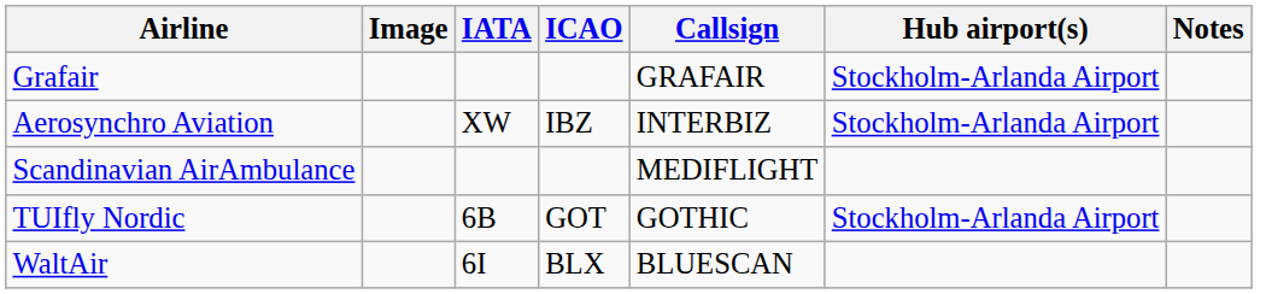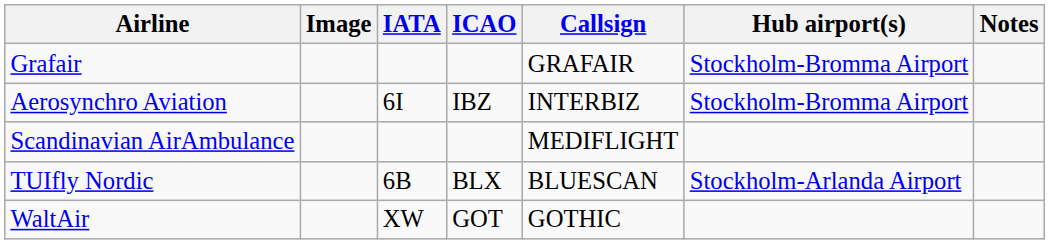 <table class="wikitable sortable" style="border: 0; cellpadding: 2; cellspacing: 3;">
 <tr valign="middle">
 <th colspan="2">Airline</th>
 <th>Image</th>
 <th><a href='#'>IATA</a></th>
 <th><a href='#'>ICAO</a></th>
 <th><a href='#'>Callsign</a></th>
 <th>Hub airport(s)</th>
 <th class="unsortable">Notes</th>
 </tr>
 <tr>
 <td colspan="2"><a href='#'>Grafair</a></td>
 <td></td>
 <td></td>
 <td></td>
 <td>GRAFAIR</td>
-<td><a href='#'>Stockholm-Arlanda Airport</a></td>
+<td><a href='#'>Stockholm-Bromma Airport</a></td>
 <td></td>
 </tr>
 <tr>
 <td colspan="2"><a href='#'>Aerosynchro Aviation</a></td>
 <td></td>
-<td>XW</td>
+<td>6I</td>
 <td>IBZ</td>
 <td>INTERBIZ</td>
-<td><a href='#'>Stockholm-Arlanda Airport</a></td>
+<td><a href='#'>Stockholm-Bromma Airport</a></td>
 <td></td>
 </tr>
 <tr>
 <td colspan="2"><a href='#'>Scandinavian AirAmbulance</a></td>
 <td></td>
 <td></td>
 <td></td>
 <td>MEDIFLIGHT</td>
 <td></td>
 <td></td>
 </tr>
 <tr>
 <td colspan="2"><a href='#'>TUIfly Nordic</a></td>
 <td></td>
 <td>6B</td>
-<td>GOT</td>
-<td>GOTHIC</td>
+<td>BLX</td>
+<td>BLUESCAN</td>
 <td><a href='#'>Stockholm-Arlanda Airport</a></td>
 <td></td>
 </tr>
 <tr>
 <td colspan="2"><a href='#'>WaltAir</a></td>
 <td></td>
-<td>6I</td>
-<td>BLX</td>
-<td>BLUESCAN</td>
+<td>XW</td>
+<td>GOT</td>
+<td>GOTHIC</td>
 <td></td>
 <td></td>
 </tr>
 </table>
